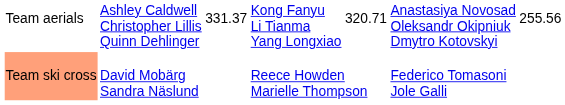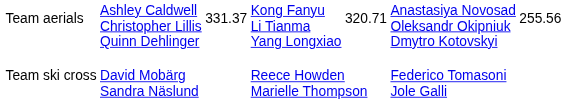 <table>
 <tr>
 <td>Team aerials<br></td>
 <td><br><a href='#'>Ashley Caldwell</a><br><a href='#'>Christopher Lillis</a><br><a href='#'>Quinn Dehlinger</a></td>
 <td>331.37</td>
 <td><br><a href='#'>Kong Fanyu</a><br><a href='#'>Li Tianma</a><br><a href='#'>Yang Longxiao</a></td>
 <td>320.71</td>
 <td><br><a href='#'>Anastasiya Novosad</a><br><a href='#'>Oleksandr Okipniuk</a><br><a href='#'>Dmytro Kotovskyi</a></td>
 <td>255.56</td>
 </tr>
 <tr>
-<td style="background: lightsalmon;">Team ski cross<br></td>
+<td>Team ski cross<br></td>
 <td colspan=2><br><a href='#'>David Mobärg</a><br><a href='#'>Sandra Näslund</a></td>
 <td colspan=2><br><a href='#'>Reece Howden</a><br><a href='#'>Marielle Thompson</a></td>
 <td colspan=2><br><a href='#'>Federico Tomasoni</a><br><a href='#'>Jole Galli</a></td>
 </tr>
 </table>
